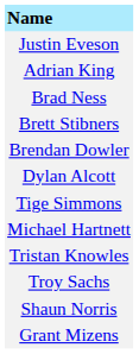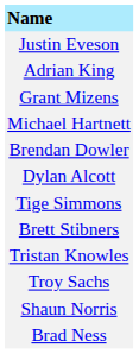 <table border=0 cellpadding=2 cellspacing=0  |- bgcolor=#F2F2F2 style="text-align:center; font-size:90%;">
 <tr bgcolor=#ADEBFD>
 <th align=left>Name</th>
 </tr>
 <tr>
 <td><a href='#'>Justin Eveson</a></td>
 </tr>
 <tr>
 <td><a href='#'>Adrian King</a></td>
 </tr>
 <tr>
-<td><a href='#'>Brad Ness</a></td>
+<td><a href='#'>Grant Mizens</a></td>
 </tr>
 <tr>
-<td><a href='#'>Brett Stibners</a></td>
+<td><a href='#'>Michael Hartnett</a></td>
 </tr>
 <tr>
 <td><a href='#'>Brendan Dowler</a></td>
 </tr>
 <tr>
 <td><a href='#'>Dylan Alcott</a></td>
 </tr>
 <tr>
 <td><a href='#'>Tige Simmons</a></td>
 </tr>
 <tr>
-<td><a href='#'>Michael Hartnett</a></td>
+<td><a href='#'>Brett Stibners</a></td>
 </tr>
 <tr>
 <td><a href='#'>Tristan Knowles</a></td>
 </tr>
 <tr>
 <td><a href='#'>Troy Sachs</a></td>
 </tr>
 <tr>
 <td><a href='#'>Shaun Norris</a></td>
 </tr>
 <tr>
-<td><a href='#'>Grant Mizens</a></td>
+<td><a href='#'>Brad Ness</a></td>
 </tr>
 </table>
